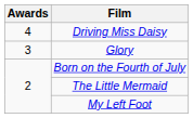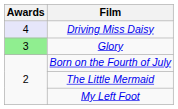 <table class="wikitable" style="text-align: center;">
 <tr>
 <th scope="col" style="width:55px;">Awards</th>
 <th scope="col" style="text-align:center;">Film</th>
 </tr>
 <tr>
-<td style="text-align: center;">4</td>
+<td style="background: lavender; text-align: center;">4</td>
 <td><em><a href='#'>Driving Miss Daisy</a></em></td>
 </tr>
 <tr>
-<td style="text-align: center;">3</td>
+<td style="background: lightgreen; text-align: center;">3</td>
 <td><em><a href='#'>Glory</a></em></td>
 </tr>
 <tr>
 <td rowspan=3 style="text-align:center">2</td>
 <td><em><a href='#'>Born on the Fourth of July</a></em></td>
 </tr>
 <tr>
 <td><em><a href='#'>The Little Mermaid</a></em></td>
 </tr>
 <tr>
 <td><em><a href='#'>My Left Foot</a></em></td>
 </tr>
 </table>
